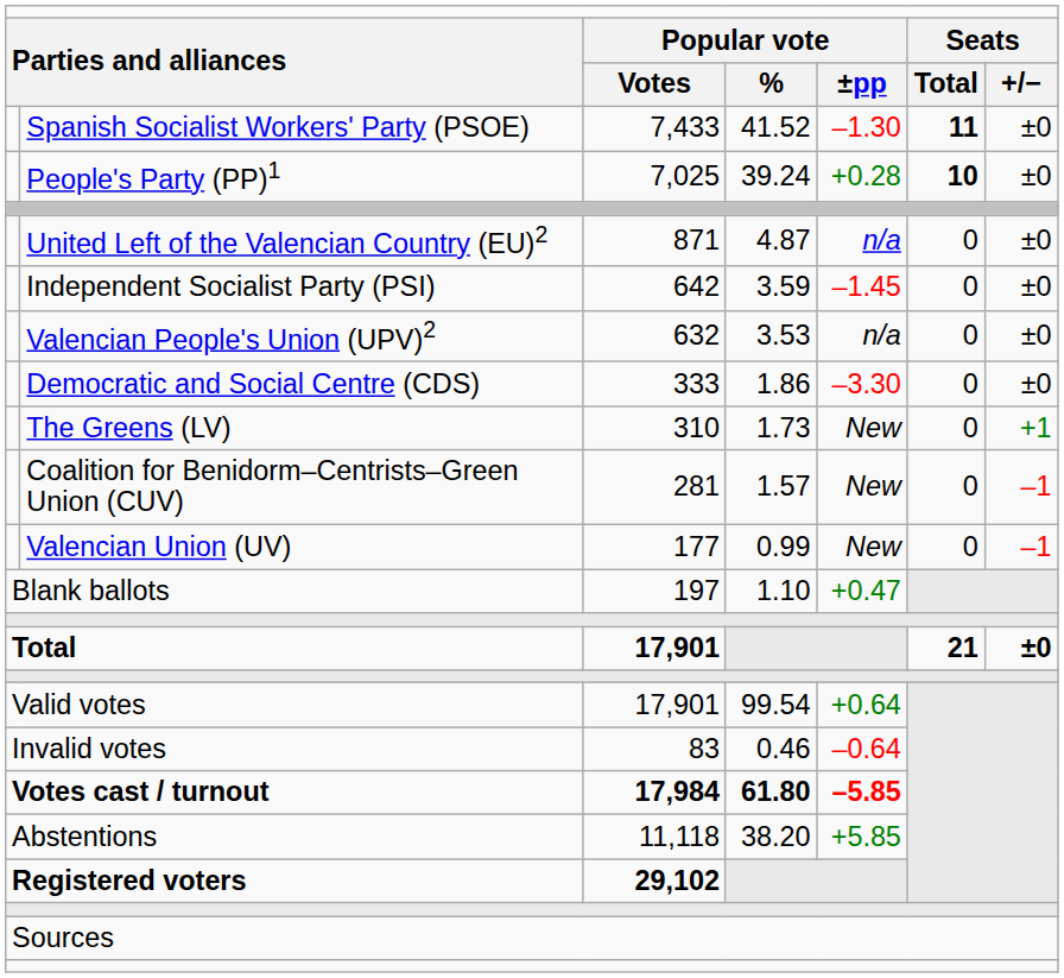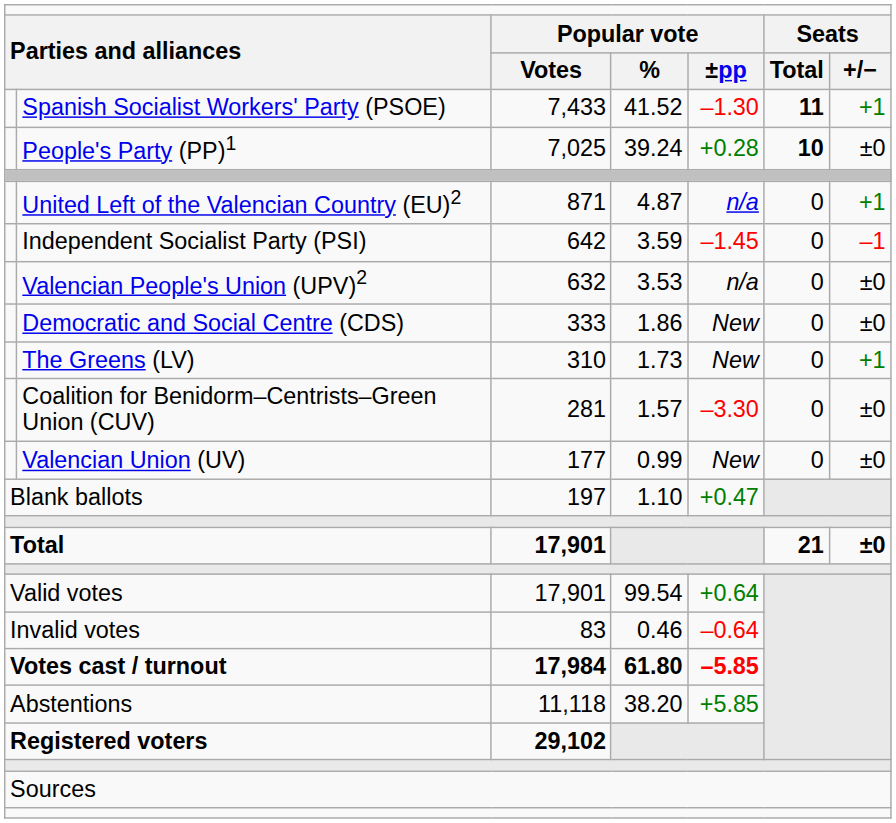 <table class="wikitable" style="text-align:right;">
 <tr>
 <td colspan="7"></td>
 </tr>
 <tr>
 <th style="text-align:left;" rowspan="2" colspan="2" width="525">Parties and alliances</th>
 <th colspan="3">Popular vote</th>
 <th colspan="2">Seats</th>
 </tr>
 <tr>
 <th width="75">Votes</th>
 <th width="45">%</th>
 <th width="45">±<a href='#'>pp</a></th>
 <th width="35">Total</th>
 <th width="35">+/−</th>
 </tr>
 <tr>
 <td width="1" style="color:inherit;background:"></td>
 <td align="left"><a href='#'>Spanish Socialist Workers' Party</a> (PSOE)</td>
 <td>7,433</td>
 <td>41.52</td>
 <td style="color:red;">–1.30</td>
 <td><strong>11</strong></td>
-<td>±0</td>
+<td style="color:green;">+1</td>
 </tr>
 <tr>
 <td style="color:inherit;background:"></td>
 <td align="left"><a href='#'>People's Party</a> (PP)<sup>1</sup></td>
 <td>7,025</td>
 <td>39.24</td>
 <td style="color:green;">+0.28</td>
 <td><strong>10</strong></td>
 <td>±0</td>
 </tr>
 <tr>
 <td colspan="7" bgcolor="#C0C0C0"></td>
 </tr>
 <tr>
 <td style="color:inherit;background:"></td>
 <td align="left"><a href='#'>United Left of the Valencian Country</a> (EU)<sup>2</sup></td>
 <td>871</td>
 <td>4.87</td>
 <td><em><a href='#'>n/a</a></em></td>
 <td>0</td>
-<td>±0</td>
+<td style="color:green;">+1</td>
 </tr>
 <tr>
 <td style="color:inherit;background:"></td>
 <td align="left">Independent Socialist Party (PSI)</td>
 <td>642</td>
 <td>3.59</td>
 <td style="color:red;">–1.45</td>
 <td>0</td>
-<td>±0</td>
+<td style="color:red;">–1</td>
 </tr>
 <tr>
 <td style="color:inherit;background:"></td>
 <td align="left"><a href='#'>Valencian People's Union</a> (UPV)<sup>2</sup></td>
 <td>632</td>
 <td>3.53</td>
 <td><em>n/a</em></td>
 <td>0</td>
 <td>±0</td>
 </tr>
 <tr>
 <td style="color:inherit;background:"></td>
 <td align="left"><a href='#'>Democratic and Social Centre</a> (CDS)</td>
 <td>333</td>
 <td>1.86</td>
-<td style="color:red;">–3.30</td>
+<td><em>New</em></td>
 <td>0</td>
 <td>±0</td>
 </tr>
 <tr>
 <td style="color:inherit;background:"></td>
 <td align="left"><a href='#'>The Greens</a> (LV)</td>
 <td>310</td>
 <td>1.73</td>
 <td><em>New</em></td>
 <td>0</td>
 <td style="color:green;">+1</td>
 </tr>
 <tr>
 <td style="color:inherit;background:"></td>
 <td align="left">Coalition for Benidorm–Centrists–Green Union (CUV)</td>
 <td>281</td>
 <td>1.57</td>
-<td><em>New</em></td>
+<td style="color:red;">–3.30</td>
 <td>0</td>
-<td style="color:red;">–1</td>
+<td>±0</td>
 </tr>
 <tr>
 <td style="color:inherit;background:"></td>
 <td align="left"><a href='#'>Valencian Union</a> (UV)</td>
 <td>177</td>
 <td>0.99</td>
 <td><em>New</em></td>
 <td>0</td>
-<td style="color:red;">–1</td>
+<td>±0</td>
 </tr>
 <tr>
 <td align="left" colspan="2">Blank ballots</td>
 <td>197</td>
 <td>1.10</td>
 <td style="color:green;">+0.47</td>
 <td bgcolor="#E9E9E9" colspan="2"></td>
 </tr>
 <tr>
 <td colspan="7" bgcolor="#E9E9E9"></td>
 </tr>
 <tr style="font-weight:bold;">
 <td align="left" colspan="2">Total</td>
 <td>17,901</td>
 <td bgcolor="#E9E9E9" colspan="2"></td>
 <td>21</td>
 <td>±0</td>
 </tr>
 <tr>
 <td colspan="7" bgcolor="#E9E9E9"></td>
 </tr>
 <tr>
 <td align="left" colspan="2">Valid votes</td>
 <td>17,901</td>
 <td>99.54</td>
 <td style="color:green;">+0.64</td>
 <td bgcolor="#E9E9E9" colspan="2" rowspan="5"></td>
 </tr>
 <tr>
 <td align="left" colspan="2">Invalid votes</td>
 <td>83</td>
 <td>0.46</td>
 <td style="color:red;">–0.64</td>
 </tr>
 <tr style="font-weight:bold;">
 <td align="left" colspan="2">Votes cast / turnout</td>
 <td>17,984</td>
 <td>61.80</td>
 <td style="color:red;">–5.85</td>
 </tr>
 <tr>
 <td align="left" colspan="2">Abstentions</td>
 <td>11,118</td>
 <td>38.20</td>
 <td style="color:green;">+5.85</td>
 </tr>
 <tr style="font-weight:bold;">
 <td align="left" colspan="2">Registered voters</td>
 <td>29,102</td>
 <td bgcolor="#E9E9E9" colspan="2"></td>
 </tr>
 <tr>
 <td colspan="7" bgcolor="#E9E9E9"></td>
 </tr>
 <tr>
 <td align="left" colspan="7">Sources</td>
 </tr>
 <tr>
 <td colspan="7" style="text-align:left; max-width:790px;"></td>
 </tr>
 </table>
